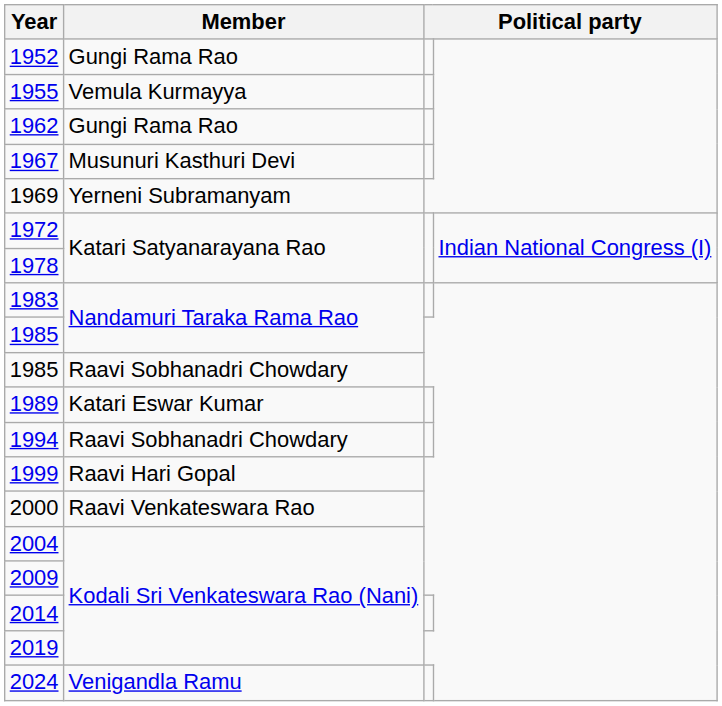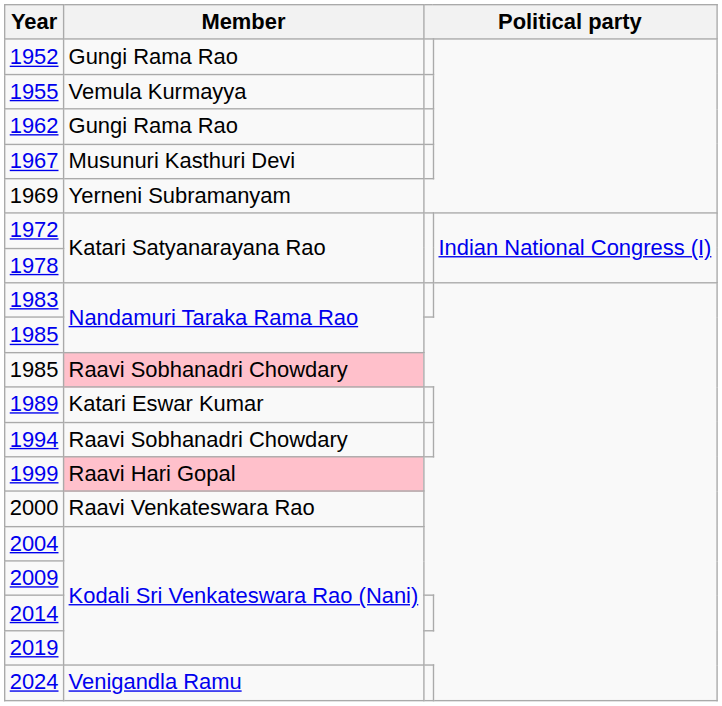 <table class="wikitable">
 <tr>
 <th>Year</th>
 <th>Member</th>
 <th colspan="2">Political party</th>
 </tr>
 <tr>
 <td><a href='#'>1952</a></td>
 <td>Gungi Rama Rao</td>
 <td></td>
 </tr>
 <tr>
 <td><a href='#'>1955</a></td>
 <td>Vemula Kurmayya</td>
 <td></td>
 </tr>
 <tr>
 <td><a href='#'>1962</a></td>
 <td>Gungi Rama Rao</td>
 <td></td>
 </tr>
 <tr>
 <td><a href='#'>1967</a></td>
 <td>Musunuri Kasthuri Devi</td>
 <td></td>
 </tr>
 <tr>
 <td>1969</td>
 <td>Yerneni Subramanyam</td>
 </tr>
 <tr>
 <td><a href='#'>1972</a></td>
 <td rowspan=2>Katari Satyanarayana Rao</td>
 <td rowspan=2 style="background-color: "></td>
 <td rowspan=2><a href='#'>Indian National Congress (I)</a></td>
 </tr>
 <tr>
 <td><a href='#'>1978</a></td>
 </tr>
 <tr>
 <td><a href='#'>1983</a></td>
 <td rowspan=2><a href='#'>Nandamuri Taraka Rama Rao</a></td>
 <td></td>
 </tr>
 <tr>
 <td><a href='#'>1985</a></td>
 </tr>
 <tr>
 <td>1985</td>
-<td>Raavi Sobhanadri Chowdary</td>
+<td style="background: pink;">Raavi Sobhanadri Chowdary</td>
 </tr>
 <tr>
 <td><a href='#'>1989</a></td>
 <td>Katari Eswar Kumar</td>
 <td></td>
 </tr>
 <tr>
 <td><a href='#'>1994</a></td>
 <td>Raavi Sobhanadri Chowdary</td>
 <td></td>
 </tr>
 <tr>
 <td><a href='#'>1999</a></td>
-<td>Raavi Hari Gopal</td>
+<td style="background: pink;">Raavi Hari Gopal</td>
 </tr>
 <tr>
 <td>2000</td>
 <td>Raavi Venkateswara Rao</td>
 </tr>
 <tr>
 <td><a href='#'>2004</a></td>
 <td rowspan=4><a href='#'>Kodali Sri Venkateswara Rao (Nani)</a></td>
 </tr>
 <tr>
 <td><a href='#'>2009</a></td>
 </tr>
 <tr>
 <td><a href='#'>2014</a></td>
 <td></td>
 </tr>
 <tr>
 <td><a href='#'>2019</a></td>
 </tr>
 <tr>
 <td><a href='#'>2024</a></td>
 <td><a href='#'>Venigandla Ramu</a></td>
 <td></td>
 </tr>
 </table>
